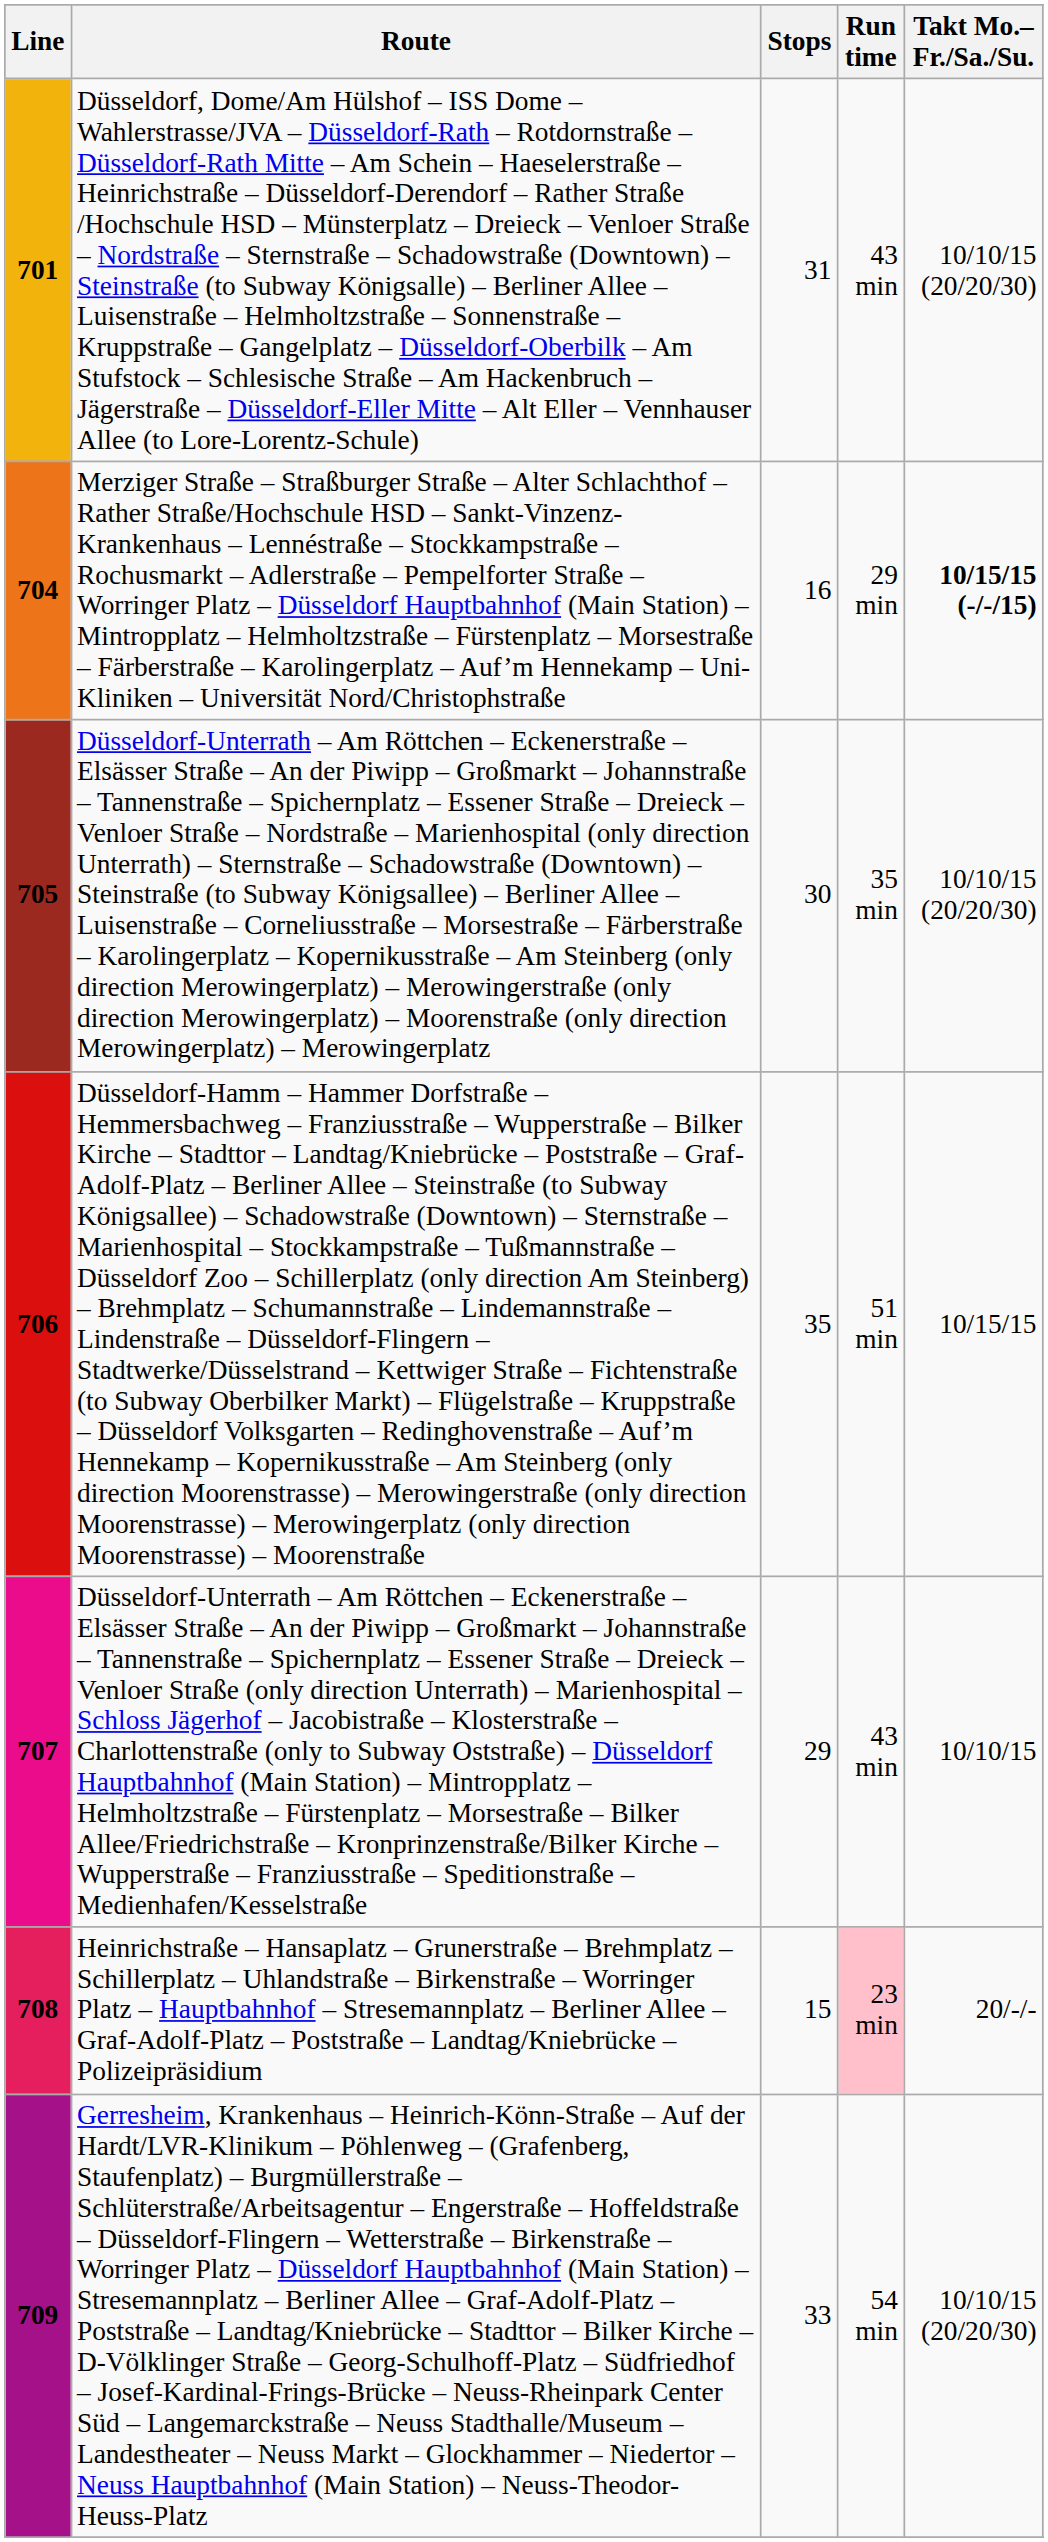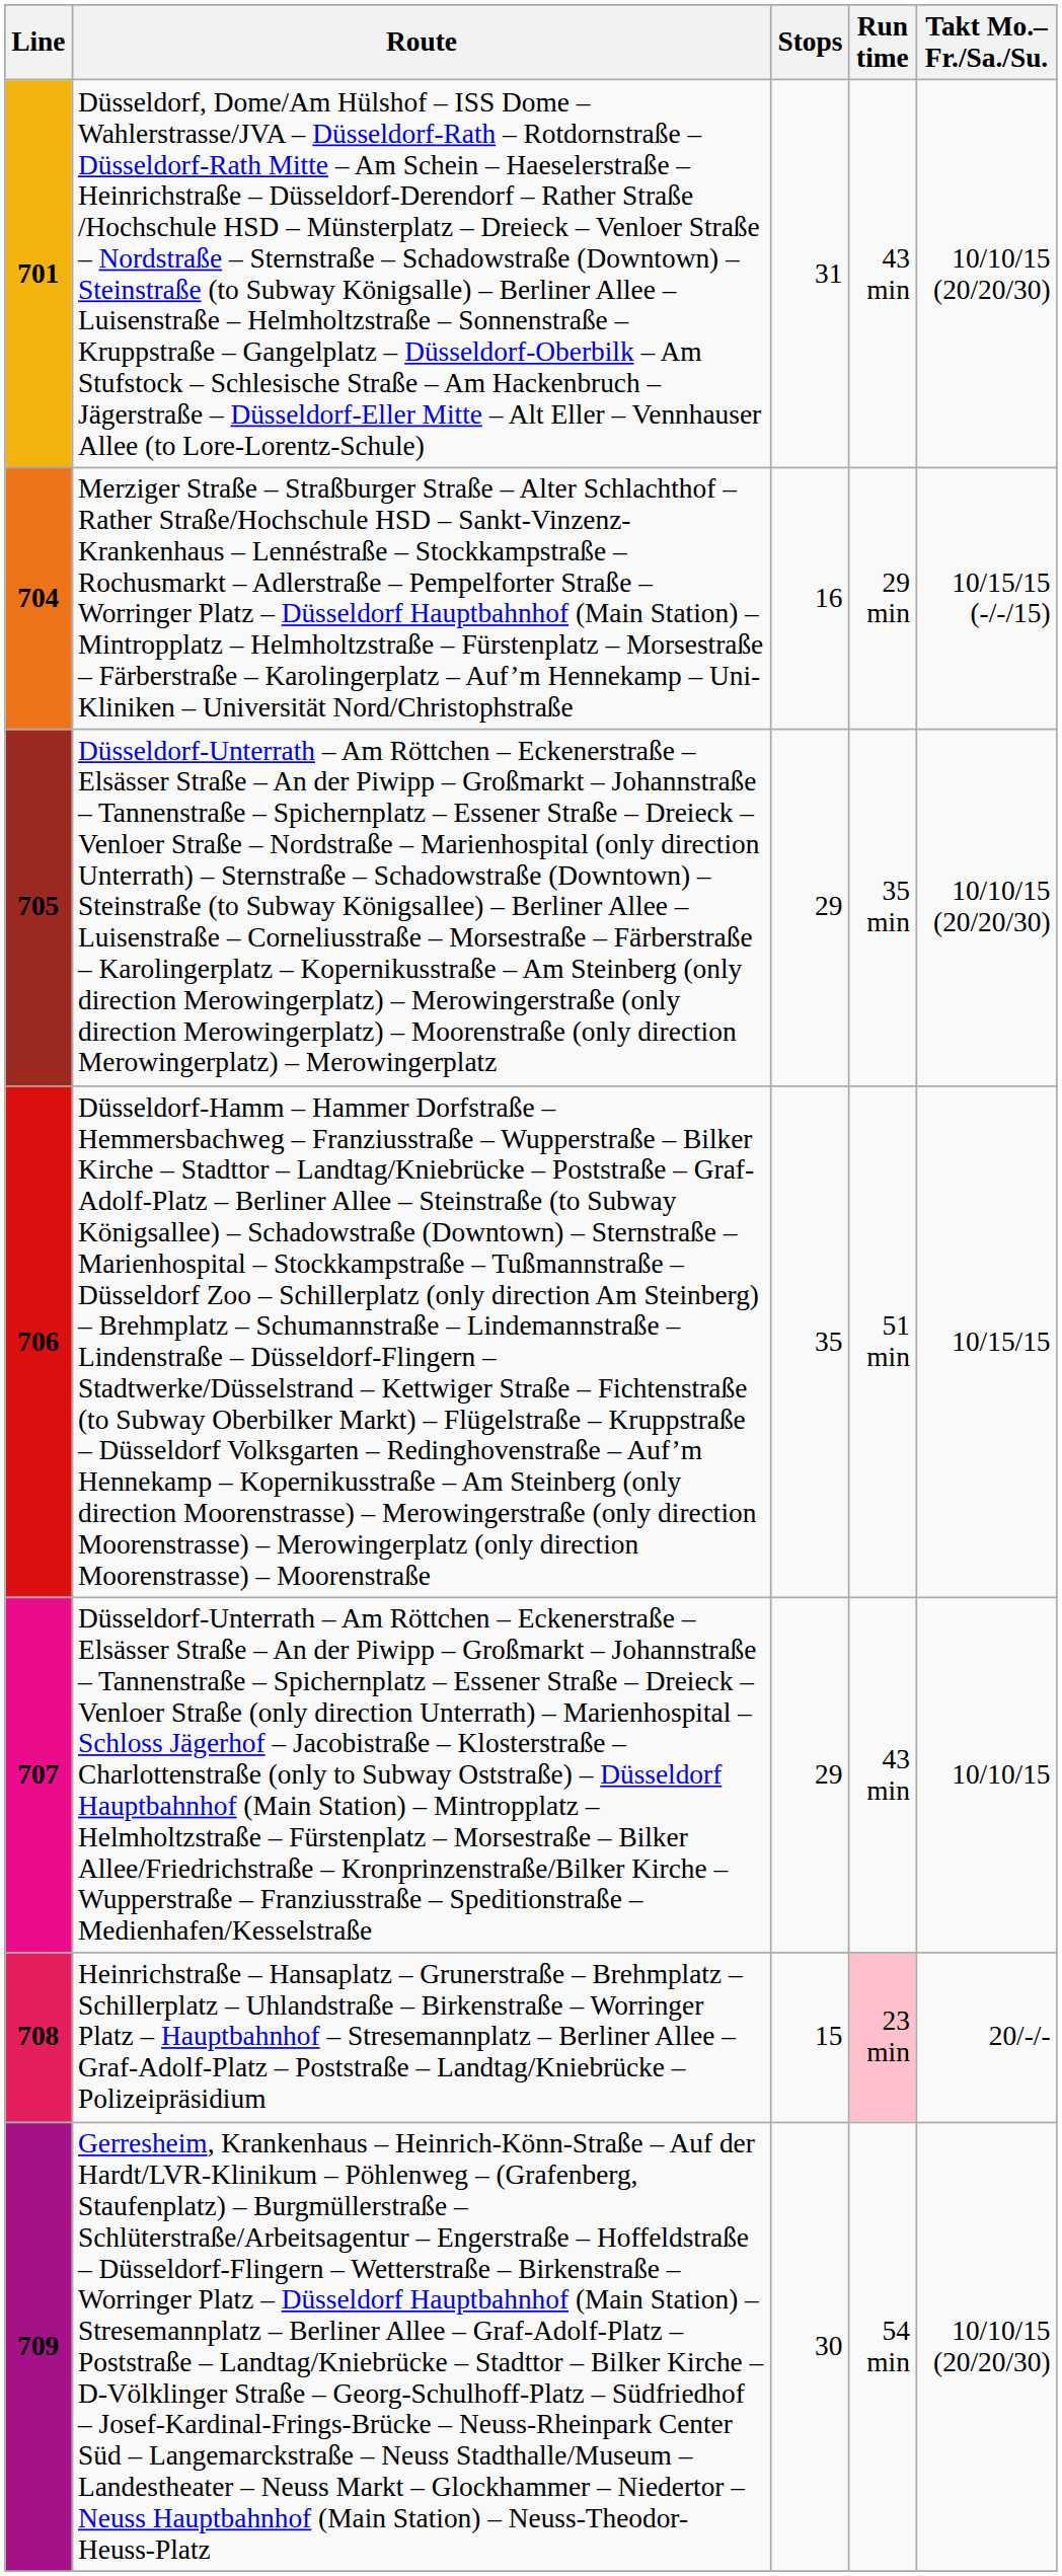 <table class="wikitable">
 <tr class="hintergrundfarbe5">
 <th>Line</th>
 <th>Route</th>
 <th>Stops</th>
 <th>Run time</th>
 <th>Takt <span>Mo.–Fr.</span>/<span>Sa.</span>/<span>Su.</span></th>
 </tr>
 <tr align="right">
 <td style="background-color:#F2B30C; text-align:center; font-weight:bold;"><span>701</span></td>
 <td align="left">Düsseldorf, Dome/Am Hülshof – ISS Dome – Wahlerstrasse/JVA – <a href='#'>Düsseldorf-Rath</a>   – Rotdornstraße  – <a href='#'>Düsseldorf-Rath Mitte</a>   – Am Schein  – Haeselerstraße  – Heinrichstraße  – Düsseldorf-Derendorf  – Rather Straße /Hochschule HSD – Münsterplatz – Dreieck – Venloer Straße – <a href='#'>Nordstraße</a>  – Sternstraße – Schadowstraße (Downtown)   – <a href='#'>Steinstraße</a> (to Subway Königsalle)   – Berliner Allee – Luisenstraße – Helmholtzstraße – Sonnenstraße – Kruppstraße – Gangelplatz – <a href='#'>Düsseldorf-Oberbilk</a>   – Am Stufstock – Schlesische Straße  – Am Hackenbruch  – Jägerstraße  – <a href='#'>Düsseldorf-Eller Mitte</a>   – Alt Eller  – Vennhauser Allee (to Lore-Lorentz-Schule) </td>
 <td>31</td>
 <td>43 min</td>
 <td>10/10/15<br>(20/20/30)</td>
 </tr>
 <tr align="right">
 <td style="background-color:#ED7418; text-align:center; font-weight:bold;"><span>704</span></td>
 <td align="left">Merziger Straße – Straßburger Straße – Alter Schlachthof – Rather Straße/Hochschule HSD – Sankt-Vinzenz-Krankenhaus – Lennéstraße – Stockkampstraße – Rochusmarkt – Adlerstraße – Pempelforter Straße   – Worringer Platz – <a href='#'>Düsseldorf Hauptbahnhof</a>    (Main Station) – Mintropplatz – Helmholtzstraße – Fürstenplatz – Morsestraße – Färberstraße – Karolingerplatz  – Auf’m Hennekamp  – Uni-Kliniken  – Universität Nord/Christophstraße </td>
 <td>16</td>
 <td>29 min</td>
-<td><strong>10/15/15<br>(-/-/15)</strong></td>
+<td>10/15/15<br>(-/-/15)</td>
 </tr>
 <tr align="right">
 <td style="background-color:#9B2920; text-align:center; font-weight:bold;"><span>705</span></td>
 <td align="left"><a href='#'>Düsseldorf-Unterrath</a>  – Am Röttchen – Eckenerstraße – Elsässer Straße – An der Piwipp – Großmarkt – Johannstraße – Tannenstraße – Spichernplatz – Essener Straße – Dreieck – Venloer Straße – Nordstraße  – Marienhospital (only direction Unterrath) – Sternstraße – Schadowstraße (Downtown)  – Steinstraße (to Subway Königsallee)  – Berliner Allee – Luisenstraße – Corneliusstraße – Morsestraße – Färberstraße – Karolingerplatz  – Kopernikusstraße – Am Steinberg (only direction Merowingerplatz) – Merowingerstraße (only direction Merowingerplatz) – Moorenstraße (only direction Merowingerplatz) – Merowingerplatz</td>
-<td>30</td>
+<td>29</td>
 <td>35 min</td>
 <td>10/10/15<br>(20/20/30)</td>
 </tr>
 <tr align="right">
 <td style="background-color:#DC0F0F; text-align:center; font-weight:bold;"><span>706</span></td>
 <td align="left">Düsseldorf-Hamm  – Hammer Dorfstraße – Hemmersbachweg – Franziusstraße – Wupperstraße – Bilker Kirche – Stadttor – Landtag/Kniebrücke – Poststraße – Graf-Adolf-Platz  – Berliner Allee – Steinstraße (to Subway Königsallee)  – Schadowstraße (Downtown)  – Sternstraße – Marienhospital – Stockkampstraße – Tußmannstraße – Düsseldorf Zoo  – Schillerplatz (only direction Am Steinberg) – Brehmplatz  – Schumannstraße – Lindemannstraße  – Lindenstraße – Düsseldorf-Flingern  – Stadtwerke/Düsselstrand – Kettwiger Straße  – Fichtenstraße (to Subway Oberbilker Markt)  – Flügelstraße – Kruppstraße – Düsseldorf Volksgarten  – Redinghovenstraße – Auf’m Hennekamp  – Kopernikusstraße – Am Steinberg (only direction Moorenstrasse) – Merowingerstraße (only direction Moorenstrasse) – Merowingerplatz (only direction Moorenstrasse) – Moorenstraße</td>
 <td>35</td>
 <td>51 min</td>
 <td>10/15/15</td>
 </tr>
 <tr align="right">
 <td style="background-color:#EB0C8C; text-align:center; font-weight:bold;"><span>707</span></td>
 <td align="left">Düsseldorf-Unterrath  – Am Röttchen – Eckenerstraße – Elsässer Straße – An der Piwipp – Großmarkt – Johannstraße – Tannenstraße – Spichernplatz – Essener Straße – Dreieck – Venloer Straße (only direction Unterrath) – Marienhospital – <a href='#'>Schloss Jägerhof</a> – Jacobistraße – Klosterstraße – Charlottenstraße (only to Subway Oststraße) – <a href='#'>Düsseldorf Hauptbahnhof</a> (Main Station)    – Mintropplatz – Helmholtzstraße – Fürstenplatz – Morsestraße – Bilker Allee/Friedrichstraße – Kronprinzenstraße/Bilker Kirche – Wupperstraße – Franziusstraße – Speditionstraße – Medienhafen/Kesselstraße</td>
 <td>29</td>
 <td>43 min</td>
 <td>10/10/15</td>
 </tr>
 <tr align="right">
 <td style="background-color:#E51E5E; text-align:center; font-weight:bold;"><span>708</span></td>
 <td align="left">Heinrichstraße  – Hansaplatz  – Grunerstraße  – Brehmplatz  – Schillerplatz  – Uhlandstraße  – Birkenstraße – Worringer Platz – <a href='#'>Hauptbahnhof</a>    – Stresemannplatz – Berliner Allee – Graf-Adolf-Platz  – Poststraße – Landtag/Kniebrücke – Polizeipräsidium</td>
 <td>15</td>
 <td style="background: pink;">23 min</td>
 <td>20/-/-</td>
 </tr>
 <tr align="right">
 <td style="background-color:#A41189; text-align:center; font-weight:bold;"><span>709</span></td>
 <td align="left"><a href='#'>Gerresheim</a>, Krankenhaus  – Heinrich-Könn-Straße  – Auf der Hardt/LVR-Klinikum  – Pöhlenweg  – (Grafenberg, Staufenplatz)  – Burgmüllerstraße  – Schlüterstraße/Arbeitsagentur  – Engerstraße – Hoffeldstraße – Düsseldorf-Flingern  – Wetterstraße – Birkenstraße – Worringer Platz – <a href='#'>Düsseldorf Hauptbahnhof</a> (Main Station)    – Stresemannplatz – Berliner Allee – Graf-Adolf-Platz  – Poststraße – Landtag/Kniebrücke – Stadttor – Bilker Kirche – D-Völklinger Straße  – Georg-Schulhoff-Platz – Südfriedhof – Josef-Kardinal-Frings-Brücke – Neuss-Rheinpark Center Süd – Langemarckstraße – Neuss Stadthalle/Museum – Landestheater – Neuss Markt – Glockhammer – Niedertor – <a href='#'>Neuss Hauptbahnhof</a> (Main Station)    – Neuss-Theodor-Heuss-Platz</td>
-<td>33</td>
+<td>30</td>
 <td>54 min</td>
 <td>10/10/15<br>(20/20/30)</td>
 </tr>
 <tr>
 </tr>
 </table>
